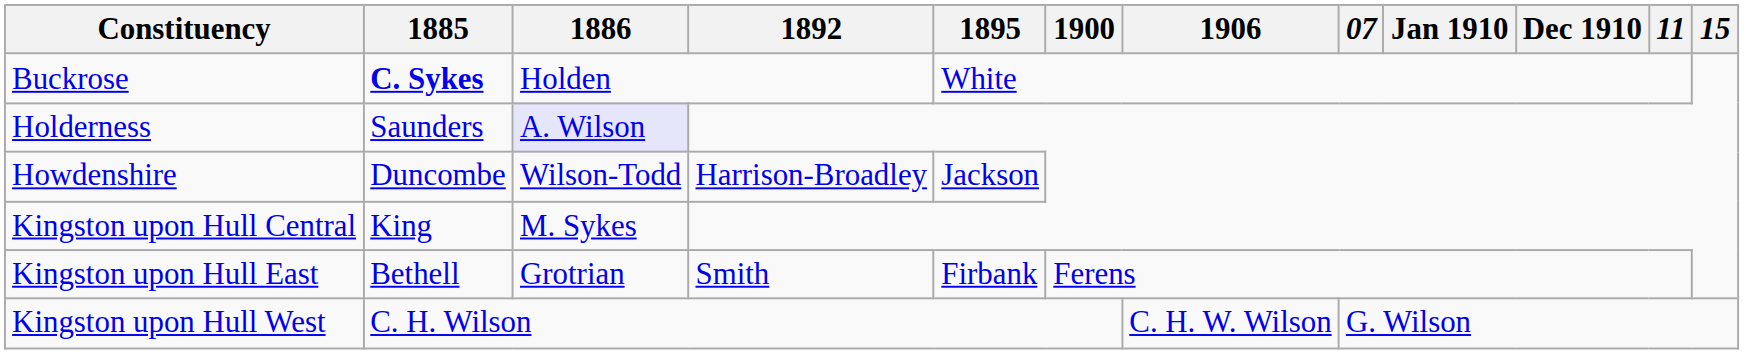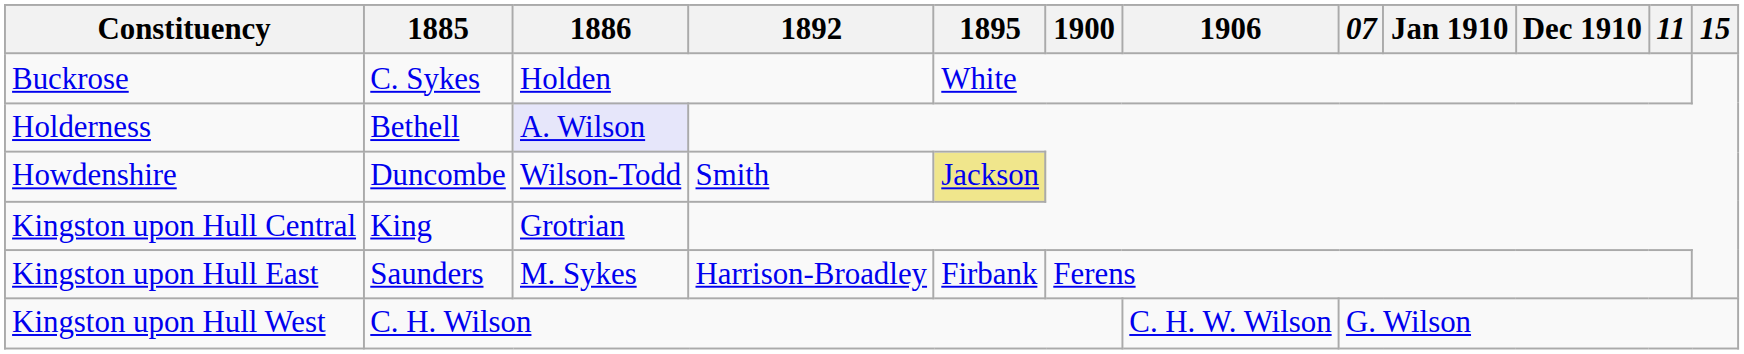 <table class="wikitable">
 <tr>
 <th>Constituency</th>
 <th>1885</th>
 <th>1886</th>
 <th>1892</th>
 <th>1895</th>
 <th>1900</th>
 <th>1906</th>
 <th><em>07</em></th>
 <th>Jan 1910</th>
 <th>Dec 1910</th>
 <th><em>11</em></th>
 <th><em>15</em></th>
 </tr>
 <tr>
 <td><a href='#'>Buckrose</a></td>
-<td><strong><a href='#'>C. Sykes</a></strong></td>
+<td><a href='#'>C. Sykes</a></td>
 <td colspan="2"><a href='#'>Holden</a></td>
 <td colspan="7"><a href='#'>White</a></td>
 </tr>
 <tr>
 <td><a href='#'>Holderness</a></td>
-<td><a href='#'>Saunders</a></td>
+<td><a href='#'>Bethell</a></td>
 <td style="background: lavender;"><a href='#'>A. Wilson</a></td>
 </tr>
 <tr>
 <td><a href='#'>Howdenshire</a></td>
 <td><a href='#'>Duncombe</a></td>
 <td><a href='#'>Wilson-Todd</a></td>
-<td><a href='#'>Harrison-Broadley</a></td>
-<td><a href='#'>Jackson</a></td>
+<td><a href='#'>Smith</a></td>
+<td style="background: khaki;"><a href='#'>Jackson</a></td>
 </tr>
 <tr>
 <td><a href='#'>Kingston upon Hull Central</a></td>
 <td><a href='#'>King</a></td>
-<td><a href='#'>M. Sykes</a></td>
+<td><a href='#'>Grotrian</a></td>
 </tr>
 <tr>
 <td><a href='#'>Kingston upon Hull East</a></td>
-<td><a href='#'>Bethell</a></td>
-<td><a href='#'>Grotrian</a></td>
-<td><a href='#'>Smith</a></td>
+<td><a href='#'>Saunders</a></td>
+<td><a href='#'>M. Sykes</a></td>
+<td><a href='#'>Harrison-Broadley</a></td>
 <td><a href='#'>Firbank</a></td>
 <td colspan="6"><a href='#'>Ferens</a></td>
 </tr>
 <tr>
 <td><a href='#'>Kingston upon Hull West</a></td>
 <td colspan="5"><a href='#'>C. H. Wilson</a></td>
 <td><a href='#'>C. H. W. Wilson</a></td>
 <td colspan="5"><a href='#'>G. Wilson</a></td>
 </tr>
 </table>
